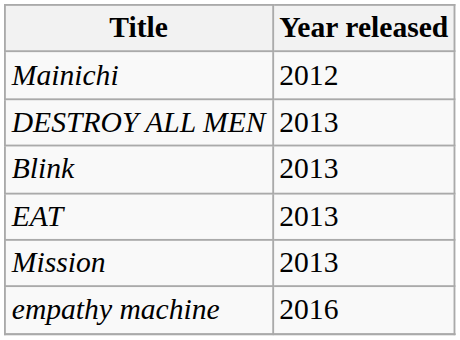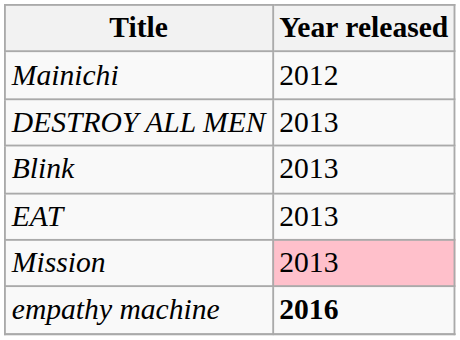 <table class="wikitable">
 <tr>
 <th>Title</th>
 <th>Year released</th>
 </tr>
 <tr>
 <td><em>Mainichi</em></td>
 <td>2012</td>
 </tr>
 <tr>
 <td><em>DESTROY ALL MEN</em></td>
 <td>2013</td>
 </tr>
 <tr>
 <td><em>Blink</em></td>
 <td>2013</td>
 </tr>
 <tr>
 <td><em>EAT</em></td>
 <td>2013</td>
 </tr>
 <tr>
 <td><em>Mission</em></td>
-<td>2013</td>
+<td style="background: pink;">2013</td>
 </tr>
 <tr>
 <td><em>empathy machine</em></td>
-<td>2016</td>
+<td><strong>2016</strong></td>
 </tr>
 <tr>
 </tr>
 </table>
